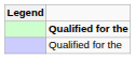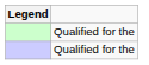 <table class="wikitable">
 <tr>
 <th>Legend</th>
 </tr>
 <tr>
 <td bgcolor="ccffcc"></td>
-<td><strong>Qualified for the</strong></td>
+<td>Qualified for the</td>
 </tr>
 <tr>
 <td bgcolor="ccccff"></td>
 <td>Qualified for the</td>
 </tr>
 </table>
